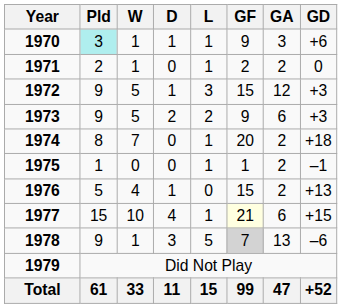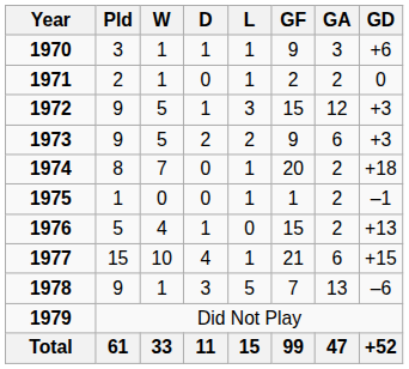 <table class="wikitable" style="text-align: center;">
 <tr>
 <th width=70>Year</th>
 <th width=30>Pld</th>
 <th width=30>W</th>
 <th width=30>D</th>
 <th width=30>L</th>
 <th width=30>GF</th>
 <th width=30>GA</th>
 <th width=30>GD</th>
 </tr>
 <tr>
 <td><strong>1970</strong></td>
-<td style="background: paleturquoise;">3</td>
+<td>3</td>
 <td>1</td>
 <td>1</td>
 <td>1</td>
 <td>9</td>
 <td>3</td>
 <td>+6</td>
 </tr>
 <tr>
 <td><strong>1971</strong></td>
 <td>2</td>
 <td>1</td>
 <td>0</td>
 <td>1</td>
 <td>2</td>
 <td>2</td>
 <td>0</td>
 </tr>
 <tr>
 <td><strong>1972</strong></td>
 <td>9</td>
 <td>5</td>
 <td>1</td>
 <td>3</td>
 <td>15</td>
 <td>12</td>
 <td>+3</td>
 </tr>
 <tr>
 <td><strong>1973</strong></td>
 <td>9</td>
 <td>5</td>
 <td>2</td>
 <td>2</td>
 <td>9</td>
 <td>6</td>
 <td>+3</td>
 </tr>
 <tr>
 <td><strong>1974</strong></td>
 <td>8</td>
 <td>7</td>
 <td>0</td>
 <td>1</td>
 <td>20</td>
 <td>2</td>
 <td>+18</td>
 </tr>
 <tr>
 <td><strong>1975</strong></td>
 <td>1</td>
 <td>0</td>
 <td>0</td>
 <td>1</td>
 <td>1</td>
 <td>2</td>
 <td>–1</td>
 </tr>
 <tr>
 <td><strong>1976</strong></td>
 <td>5</td>
 <td>4</td>
 <td>1</td>
 <td>0</td>
 <td>15</td>
 <td>2</td>
 <td>+13</td>
 </tr>
 <tr>
 <td><strong>1977</strong></td>
 <td>15</td>
 <td>10</td>
 <td>4</td>
 <td>1</td>
-<td style="background: lightyellow;">21</td>
+<td>21</td>
 <td>6</td>
 <td>+15</td>
 </tr>
 <tr>
 <td><strong>1978</strong></td>
 <td>9</td>
 <td>1</td>
 <td>3</td>
 <td>5</td>
-<td style="background: lightgrey;">7</td>
+<td>7</td>
 <td>13</td>
 <td>–6</td>
 </tr>
 <tr>
 <td><strong>1979</strong></td>
 <td colspan=7>Did Not Play</td>
 </tr>
 <tr>
 <th>Total</th>
 <th>61</th>
 <th>33</th>
 <th>11</th>
 <th>15</th>
 <th>99</th>
 <th>47</th>
 <th>+52</th>
 </tr>
 </table>
